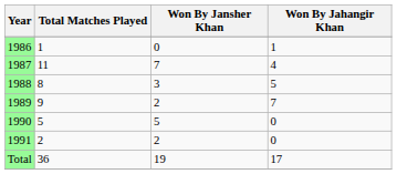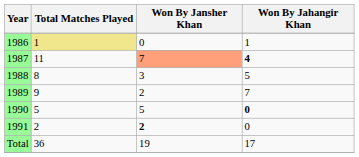 <table class="sortable wikitable">
 <tr>
 <th width="30">Year</th>
 <th width="150">Total Matches Played</th>
 <th width="150">Won By Jansher Khan</th>
 <th width="160">Won By Jahangir Khan</th>
 </tr>
 <tr>
 </tr>
 <tr>
 <td bgcolor="98FB98">1986</td>
-<td>1</td>
+<td style="background: khaki;">1</td>
 <td>0</td>
 <td>1</td>
 </tr>
 <tr>
 <td bgcolor="98FB98">1987</td>
 <td>11</td>
-<td>7</td>
-<td>4</td>
+<td style="background: lightsalmon;">7</td>
+<td><strong>4</strong></td>
 </tr>
 <tr>
 <td bgcolor="98FB98">1988</td>
 <td>8</td>
 <td>3</td>
 <td>5</td>
 </tr>
 <tr>
 <td bgcolor="98FB98">1989</td>
 <td>9</td>
 <td>2</td>
 <td>7</td>
 </tr>
 <tr>
 <td bgcolor="98FB98">1990</td>
 <td>5</td>
 <td>5</td>
-<td>0</td>
+<td><strong>0</strong></td>
 </tr>
 <tr>
 <td bgcolor="98FB98">1991</td>
 <td>2</td>
-<td>2</td>
+<td><strong>2</strong></td>
 <td>0</td>
 </tr>
 <tr>
 <td bgcolor="98FB98">Total</td>
 <td>36</td>
 <td>19</td>
 <td>17</td>
 </tr>
 <tr>
 </tr>
 </table>
